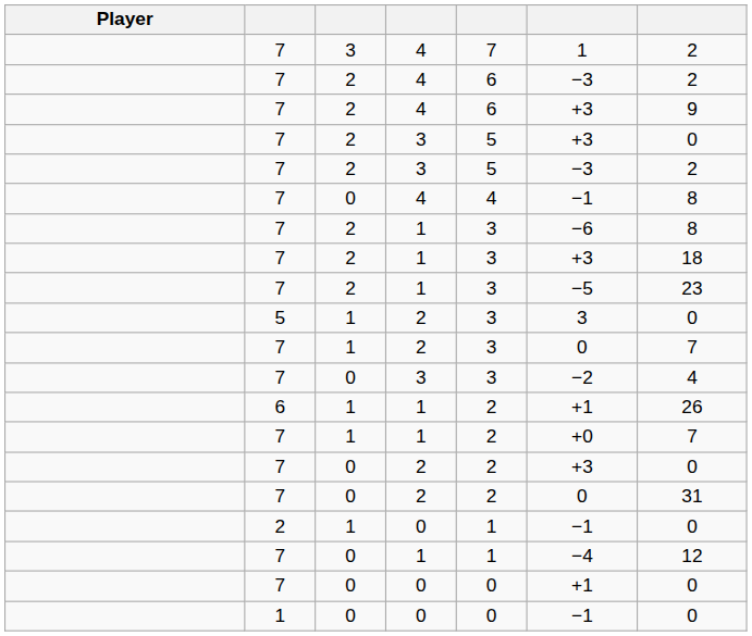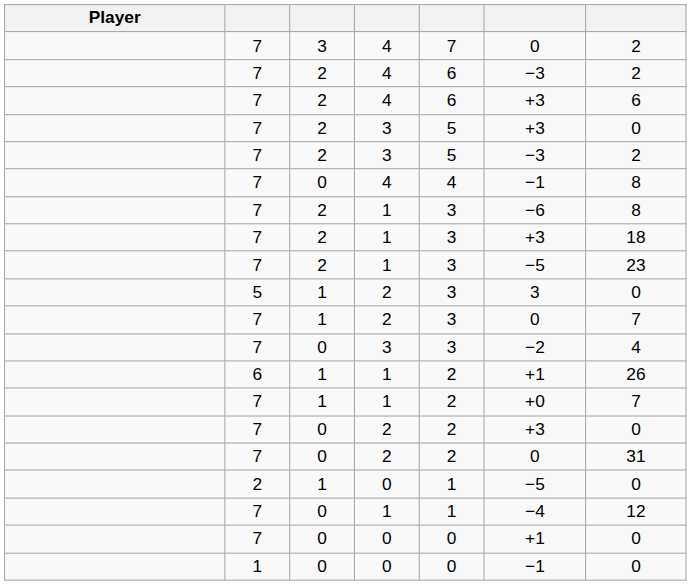 <table class="wikitable sortable" style="width:50%;">
 <tr align=center>
 <th>Player</th>
 <th></th>
 <th></th>
 <th></th>
 <th></th>
 <th data-sort-type="number"></th>
 <th></th>
 </tr>
 <tr align=center>
 <td></td>
 <td>7</td>
 <td>3</td>
 <td>4</td>
 <td>7</td>
-<td>1</td>
+<td>0</td>
 <td>2</td>
 </tr>
 <tr align=center>
 <td></td>
 <td>7</td>
 <td>2</td>
 <td>4</td>
 <td>6</td>
 <td>−3</td>
 <td>2</td>
 </tr>
 <tr align=center>
 <td></td>
 <td>7</td>
 <td>2</td>
 <td>4</td>
 <td>6</td>
 <td>+3</td>
-<td>9</td>
+<td>6</td>
 </tr>
 <tr align=center>
 <td></td>
 <td>7</td>
 <td>2</td>
 <td>3</td>
 <td>5</td>
 <td>+3</td>
 <td>0</td>
 </tr>
 <tr align=center>
 <td></td>
 <td>7</td>
 <td>2</td>
 <td>3</td>
 <td>5</td>
 <td>−3</td>
 <td>2</td>
 </tr>
 <tr align=center>
 <td></td>
 <td>7</td>
 <td>0</td>
 <td>4</td>
 <td>4</td>
 <td>−1</td>
 <td>8</td>
 </tr>
 <tr align=center>
 <td></td>
 <td>7</td>
 <td>2</td>
 <td>1</td>
 <td>3</td>
 <td>−6</td>
 <td>8</td>
 </tr>
 <tr align=center>
 <td></td>
 <td>7</td>
 <td>2</td>
 <td>1</td>
 <td>3</td>
 <td>+3</td>
 <td>18</td>
 </tr>
 <tr align=center>
 <td></td>
 <td>7</td>
 <td>2</td>
 <td>1</td>
 <td>3</td>
 <td>−5</td>
 <td>23</td>
 </tr>
 <tr align=center>
 <td></td>
 <td>5</td>
 <td>1</td>
 <td>2</td>
 <td>3</td>
 <td>3</td>
 <td>0</td>
 </tr>
 <tr align=center>
 <td></td>
 <td>7</td>
 <td>1</td>
 <td>2</td>
 <td>3</td>
 <td>0</td>
 <td>7</td>
 </tr>
 <tr align=center>
 <td></td>
 <td>7</td>
 <td>0</td>
 <td>3</td>
 <td>3</td>
 <td>−2</td>
 <td>4</td>
 </tr>
 <tr align=center>
 <td></td>
 <td>6</td>
 <td>1</td>
 <td>1</td>
 <td>2</td>
 <td>+1</td>
 <td>26</td>
 </tr>
 <tr align=center>
 <td></td>
 <td>7</td>
 <td>1</td>
 <td>1</td>
 <td>2</td>
 <td>+0</td>
 <td>7</td>
 </tr>
 <tr align=center>
 <td></td>
 <td>7</td>
 <td>0</td>
 <td>2</td>
 <td>2</td>
 <td>+3</td>
 <td>0</td>
 </tr>
 <tr align=center>
 <td></td>
 <td>7</td>
 <td>0</td>
 <td>2</td>
 <td>2</td>
 <td>0</td>
 <td>31</td>
 </tr>
 <tr align=center>
 <td></td>
 <td>2</td>
 <td>1</td>
 <td>0</td>
 <td>1</td>
-<td>−1</td>
+<td>−5</td>
 <td>0</td>
 </tr>
 <tr align=center>
 <td></td>
 <td>7</td>
 <td>0</td>
 <td>1</td>
 <td>1</td>
 <td>−4</td>
 <td>12</td>
 </tr>
 <tr align=center>
 <td></td>
 <td>7</td>
 <td>0</td>
 <td>0</td>
 <td>0</td>
 <td>+1</td>
 <td>0</td>
 </tr>
 <tr align=center>
 <td></td>
 <td>1</td>
 <td>0</td>
 <td>0</td>
 <td>0</td>
 <td>−1</td>
 <td>0</td>
 </tr>
 </table>
